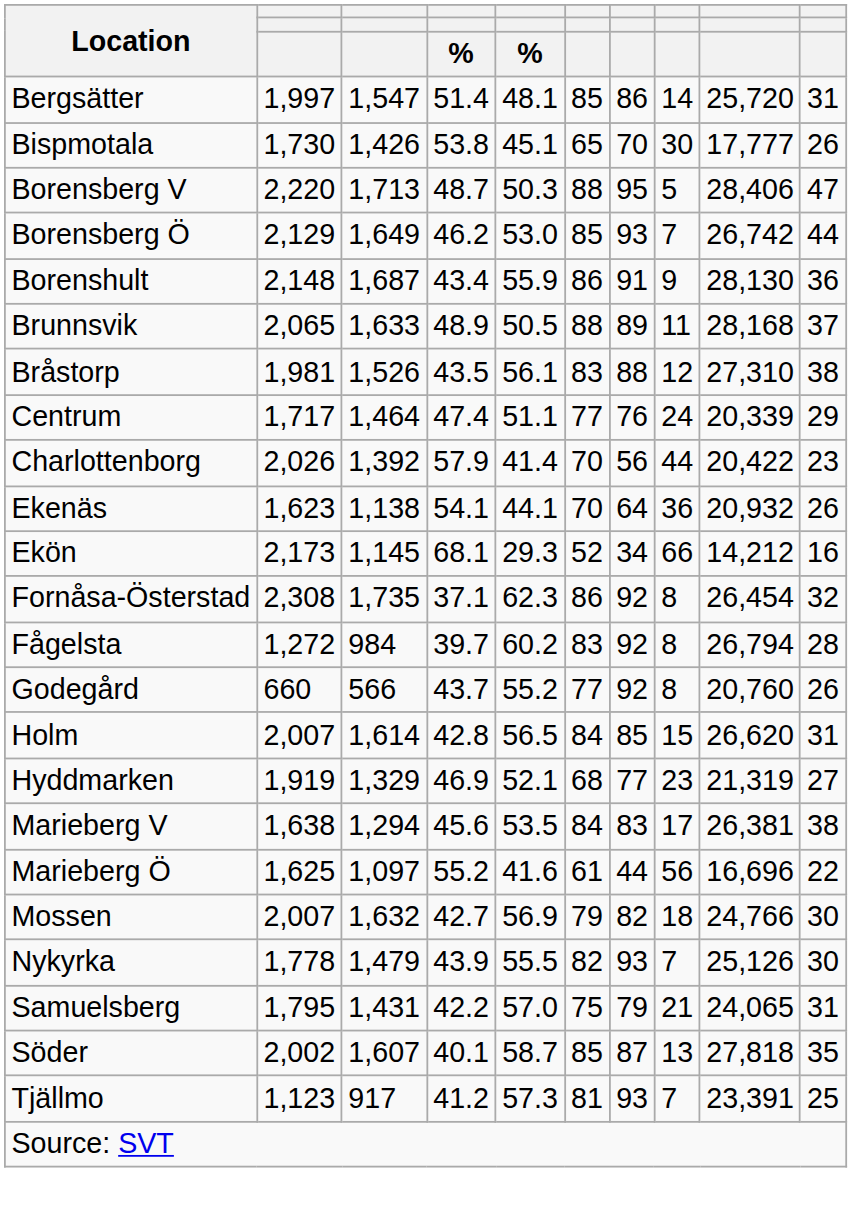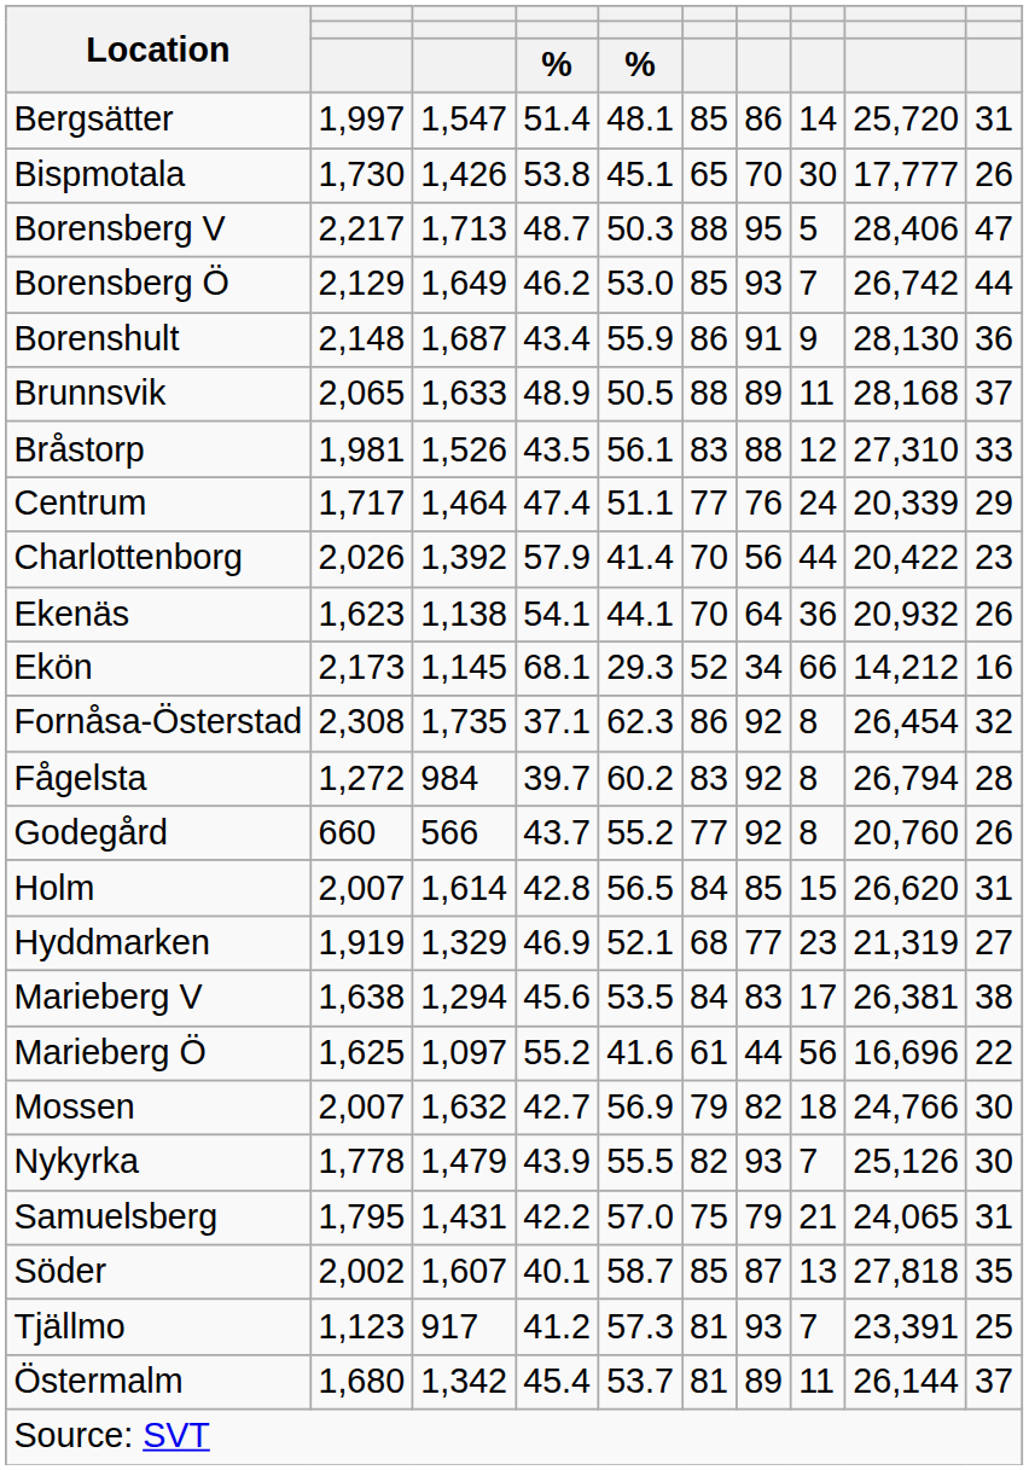 <table role="presentation" class="wikitable sortable mw-collapsible mw-collapsed">
 <tr>
 <th rowspan="3">Location</th>
 <th></th>
 <th></th>
 <th></th>
 <th></th>
 <th></th>
 <th></th>
 <th></th>
 <th></th>
 <th></th>
 </tr>
 <tr>
 <th></th>
 <th></th>
 <th style="background:"></th>
 <th style="background:"></th>
 <th></th>
 <th></th>
 <th></th>
 <th></th>
 <th></th>
 </tr>
 <tr>
 <th data-sort-type="number"></th>
 <th data-sort-type="number"></th>
 <th data-sort-type="number">%</th>
 <th data-sort-type="number">%</th>
 <th data-sort-type="number"></th>
 <th data-sort-type="number"></th>
 <th data-sort-type="number"></th>
 <th data-sort-type="number"></th>
 <th data-sort-type="number"></th>
 </tr>
 <tr>
 <td align="left">Bergsätter</td>
 <td>1,997</td>
 <td>1,547</td>
 <td>51.4</td>
 <td>48.1</td>
 <td>85</td>
 <td>86</td>
 <td>14</td>
 <td>25,720</td>
 <td>31</td>
 </tr>
 <tr>
 <td align="left">Bispmotala</td>
 <td>1,730</td>
 <td>1,426</td>
 <td>53.8</td>
 <td>45.1</td>
 <td>65</td>
 <td>70</td>
 <td>30</td>
 <td>17,777</td>
 <td>26</td>
 </tr>
 <tr>
 <td align="left">Borensberg V</td>
-<td>2,220</td>
+<td>2,217</td>
 <td>1,713</td>
 <td>48.7</td>
 <td>50.3</td>
 <td>88</td>
 <td>95</td>
 <td>5</td>
 <td>28,406</td>
 <td>47</td>
 </tr>
 <tr>
 <td align="left">Borensberg Ö</td>
 <td>2,129</td>
 <td>1,649</td>
 <td>46.2</td>
 <td>53.0</td>
 <td>85</td>
 <td>93</td>
 <td>7</td>
 <td>26,742</td>
 <td>44</td>
 </tr>
 <tr>
 <td align="left">Borenshult</td>
 <td>2,148</td>
 <td>1,687</td>
 <td>43.4</td>
 <td>55.9</td>
 <td>86</td>
 <td>91</td>
 <td>9</td>
 <td>28,130</td>
 <td>36</td>
 </tr>
 <tr>
 <td align="left">Brunnsvik</td>
 <td>2,065</td>
 <td>1,633</td>
 <td>48.9</td>
 <td>50.5</td>
 <td>88</td>
 <td>89</td>
 <td>11</td>
 <td>28,168</td>
 <td>37</td>
 </tr>
 <tr>
 <td align="left">Bråstorp</td>
 <td>1,981</td>
 <td>1,526</td>
 <td>43.5</td>
 <td>56.1</td>
 <td>83</td>
 <td>88</td>
 <td>12</td>
 <td>27,310</td>
-<td>38</td>
+<td>33</td>
 </tr>
 <tr>
 <td align="left">Centrum</td>
 <td>1,717</td>
 <td>1,464</td>
 <td>47.4</td>
 <td>51.1</td>
 <td>77</td>
 <td>76</td>
 <td>24</td>
 <td>20,339</td>
 <td>29</td>
 </tr>
 <tr>
 <td align="left">Charlottenborg</td>
 <td>2,026</td>
 <td>1,392</td>
 <td>57.9</td>
 <td>41.4</td>
 <td>70</td>
 <td>56</td>
 <td>44</td>
 <td>20,422</td>
 <td>23</td>
 </tr>
 <tr>
 <td align="left">Ekenäs</td>
 <td>1,623</td>
 <td>1,138</td>
 <td>54.1</td>
 <td>44.1</td>
 <td>70</td>
 <td>64</td>
 <td>36</td>
 <td>20,932</td>
 <td>26</td>
 </tr>
 <tr>
 <td align="left">Ekön</td>
 <td>2,173</td>
 <td>1,145</td>
 <td>68.1</td>
 <td>29.3</td>
 <td>52</td>
 <td>34</td>
 <td>66</td>
 <td>14,212</td>
 <td>16</td>
 </tr>
 <tr>
 <td align="left">Fornåsa-Österstad</td>
 <td>2,308</td>
 <td>1,735</td>
 <td>37.1</td>
 <td>62.3</td>
 <td>86</td>
 <td>92</td>
 <td>8</td>
 <td>26,454</td>
 <td>32</td>
 </tr>
 <tr>
 <td align="left">Fågelsta</td>
 <td>1,272</td>
 <td>984</td>
 <td>39.7</td>
 <td>60.2</td>
 <td>83</td>
 <td>92</td>
 <td>8</td>
 <td>26,794</td>
 <td>28</td>
 </tr>
 <tr>
 <td align="left">Godegård</td>
 <td>660</td>
 <td>566</td>
 <td>43.7</td>
 <td>55.2</td>
 <td>77</td>
 <td>92</td>
 <td>8</td>
 <td>20,760</td>
 <td>26</td>
 </tr>
 <tr>
 <td align="left">Holm</td>
 <td>2,007</td>
 <td>1,614</td>
 <td>42.8</td>
 <td>56.5</td>
 <td>84</td>
 <td>85</td>
 <td>15</td>
 <td>26,620</td>
 <td>31</td>
 </tr>
 <tr>
 <td align="left">Hyddmarken</td>
 <td>1,919</td>
 <td>1,329</td>
 <td>46.9</td>
 <td>52.1</td>
 <td>68</td>
 <td>77</td>
 <td>23</td>
 <td>21,319</td>
 <td>27</td>
 </tr>
 <tr>
 <td align="left">Marieberg V</td>
 <td>1,638</td>
 <td>1,294</td>
 <td>45.6</td>
 <td>53.5</td>
 <td>84</td>
 <td>83</td>
 <td>17</td>
 <td>26,381</td>
 <td>38</td>
 </tr>
 <tr>
 <td align="left">Marieberg Ö</td>
 <td>1,625</td>
 <td>1,097</td>
 <td>55.2</td>
 <td>41.6</td>
 <td>61</td>
 <td>44</td>
 <td>56</td>
 <td>16,696</td>
 <td>22</td>
 </tr>
 <tr>
 <td align="left">Mossen</td>
 <td>2,007</td>
 <td>1,632</td>
 <td>42.7</td>
 <td>56.9</td>
 <td>79</td>
 <td>82</td>
 <td>18</td>
 <td>24,766</td>
 <td>30</td>
 </tr>
 <tr>
 <td align="left">Nykyrka</td>
 <td>1,778</td>
 <td>1,479</td>
 <td>43.9</td>
 <td>55.5</td>
 <td>82</td>
 <td>93</td>
 <td>7</td>
 <td>25,126</td>
 <td>30</td>
 </tr>
 <tr>
 <td align="left">Samuelsberg</td>
 <td>1,795</td>
 <td>1,431</td>
 <td>42.2</td>
 <td>57.0</td>
 <td>75</td>
 <td>79</td>
 <td>21</td>
 <td>24,065</td>
 <td>31</td>
 </tr>
 <tr>
 <td align="left">Söder</td>
 <td>2,002</td>
 <td>1,607</td>
 <td>40.1</td>
 <td>58.7</td>
 <td>85</td>
 <td>87</td>
 <td>13</td>
 <td>27,818</td>
 <td>35</td>
 </tr>
 <tr>
 <td align="left">Tjällmo</td>
 <td>1,123</td>
 <td>917</td>
 <td>41.2</td>
 <td>57.3</td>
 <td>81</td>
 <td>93</td>
 <td>7</td>
 <td>23,391</td>
 <td>25</td>
 </tr>
 <tr>
+<td align="left">Östermalm</td>
+<td>1,680</td>
+<td>1,342</td>
+<td>45.4</td>
+<td>53.7</td>
+<td>81</td>
+<td>89</td>
+<td>11</td>
+<td>26,144</td>
+<td>37</td>
+</tr>
+<tr>
 <td colspan="10" align="left">Source: <a href='#'>SVT</a></td>
 </tr>
 </table>
